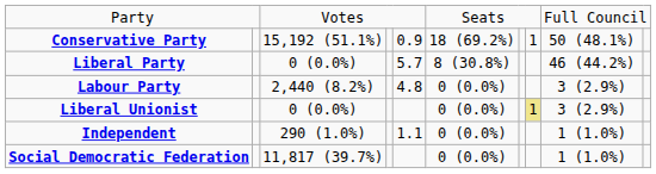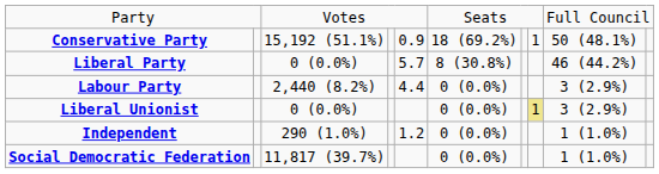 <table class=wikitable style="text-align:center;">
 <tr>
 <td colspan=2>Party</td>
 <td colspan=3>Votes</td>
 <td colspan=3>Seats</td>
 <td colspan=3>Full Council</td>
 </tr>
 <tr>
 <td><strong><a href='#'>Conservative Party</a></strong></td>
 <td style="background:"></td>
 <td>15,192 (51.1%)</td>
 <td></td>
 <td> 0.9</td>
 <td>18 (69.2%)</td>
 <td></td>
 <td> 1</td>
 <td>50 (48.1%)</td>
 <td></td>
 </tr>
 <tr>
 <td><strong><a href='#'>Liberal Party</a></strong></td>
 <td style="background:"></td>
 <td>0 (0.0%)</td>
 <td></td>
 <td> 5.7</td>
 <td>8 (30.8%)</td>
 <td></td>
 <td></td>
 <td>46 (44.2%)</td>
 <td></td>
 </tr>
 <tr>
 <td><strong><a href='#'>Labour Party</a></strong></td>
 <td style="background:"></td>
 <td>2,440 (8.2%)</td>
 <td></td>
-<td> 4.8</td>
+<td> 4.4</td>
 <td>0 (0.0%)</td>
 <td></td>
 <td></td>
 <td>3 (2.9%)</td>
 <td></td>
 </tr>
 <tr>
 <td><strong><a href='#'>Liberal Unionist</a></strong></td>
 <td style="background:"></td>
 <td>0 (0.0%)</td>
 <td></td>
 <td></td>
 <td>0 (0.0%)</td>
 <td></td>
 <td style="background: khaki;"> 1</td>
 <td>3 (2.9%)</td>
 <td></td>
 </tr>
 <tr>
 <td><strong><a href='#'>Independent</a></strong></td>
 <td style="background:"></td>
 <td>290 (1.0%)</td>
 <td></td>
-<td> 1.1</td>
+<td> 1.2</td>
 <td>0 (0.0%)</td>
 <td></td>
 <td></td>
 <td>1 (1.0%)</td>
 <td></td>
 </tr>
 <tr>
 <td><strong><a href='#'>Social Democratic Federation</a></strong></td>
 <td style="background:"></td>
 <td>11,817 (39.7%)</td>
 <td></td>
 <td></td>
 <td>0 (0.0%)</td>
 <td></td>
 <td></td>
 <td>1 (1.0%)</td>
 <td></td>
 </tr>
 </table>
